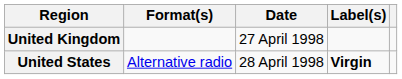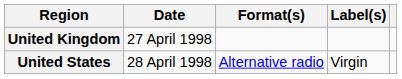 <table class="wikitable plainrowheaders">
 <tr>
 <th scope="col">Region</th>
+<th scope="col">Date</th>
 <th scope="col">Format(s)</th>
-<th scope="col">Date</th>
 <th scope="col">Label(s)</th>
 <th scope="col"></th>
 </tr>
 <tr>
 <th scope="row">United Kingdom</th>
+<td>27 April 1998</td>
 <td></td>
-<td>27 April 1998</td>
 <td></td>
 <td align="center"></td>
 </tr>
 <tr>
 <th scope="row">United States</th>
+<td>28 April 1998</td>
 <td><a href='#'>Alternative radio</a></td>
-<td>28 April 1998</td>
-<td><strong>Virgin</strong></td>
+<td>Virgin</td>
 <td align="center"></td>
 </tr>
 </table>
